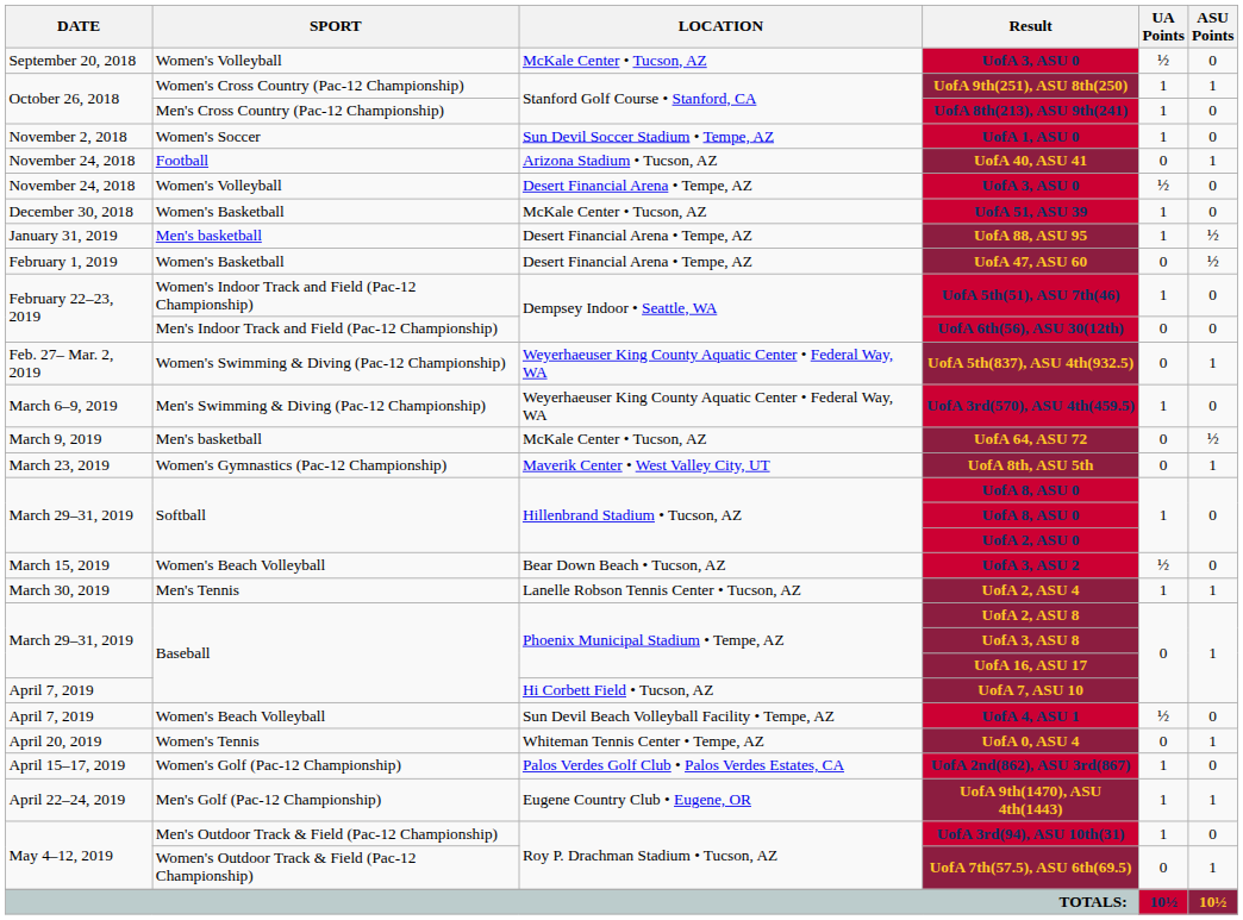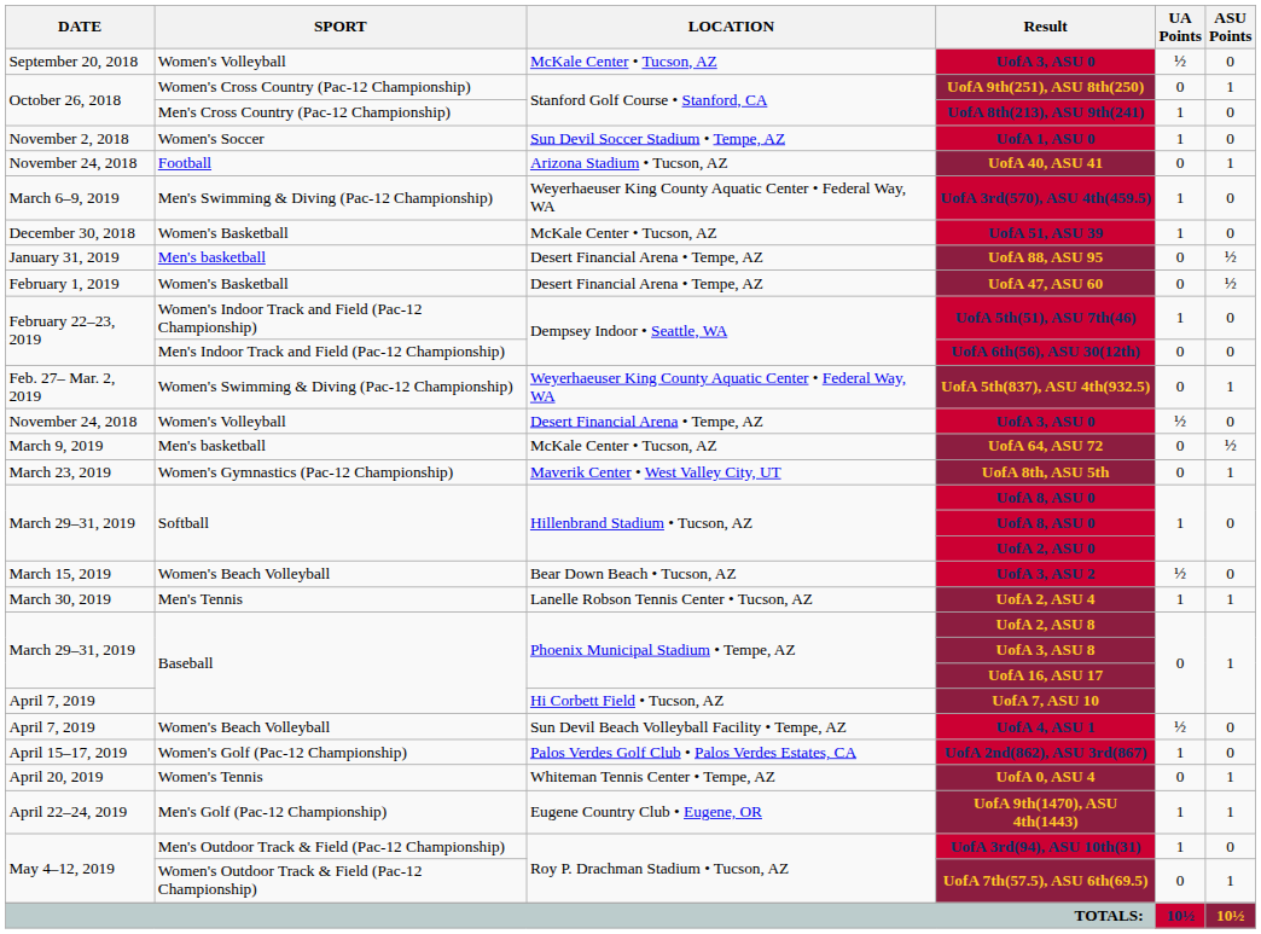 <table class=wikitable>
 <tr>
 <th>DATE</th>
 <th>SPORT</th>
 <th>LOCATION</th>
 <th>Result</th>
 <th>UA<br>Points</th>
 <th>ASU<br>Points</th>
 </tr>
 <tr>
 <td>September 20, 2018</td>
 <td>Women's Volleyball</td>
 <td><a href='#'>McKale Center</a> • <a href='#'>Tucson, AZ</a></td>
 <th style="background:#CC0033; color:#003366;">UofA 3, ASU 0</th>
 <td align="center">½</td>
 <td align="center">0</td>
 </tr>
 <tr>
 <td rowspan=2>October 26, 2018</td>
 <td>Women's Cross Country (Pac-12 Championship)</td>
 <td rowspan=2>Stanford Golf Course • <a href='#'>Stanford, CA</a></td>
 <th style="background:#8C1D40; color:#FFC627;">UofA 9th(251), ASU 8th(250)</th>
-<td align="center">1</td>
+<td align="center">0</td>
 <td align="center">1</td>
 </tr>
 <tr>
 <td>Men's Cross Country (Pac-12 Championship)</td>
 <th style="background:#CC0033; color:#003366;">UofA 8th(213), ASU 9th(241)</th>
 <td align="center">1</td>
 <td align="center">0</td>
 </tr>
 <tr>
 <td>November 2, 2018</td>
 <td>Women's Soccer</td>
 <td><a href='#'>Sun Devil Soccer Stadium</a> • <a href='#'>Tempe, AZ</a></td>
 <th style="background:#CC0033; color:#003366;">UofA 1, ASU 0</th>
 <td align="center">1</td>
 <td align="center">0</td>
 </tr>
 <tr>
 <td>November 24, 2018</td>
 <td><a href='#'>Football</a></td>
 <td><a href='#'>Arizona Stadium</a> • Tucson, AZ</td>
 <th style="background:#8C1D40; color:#FFC627;">UofA 40, ASU 41</th>
 <td align="center">0</td>
 <td align="center">1</td>
 </tr>
 <tr>
-<td>November 24, 2018</td>
-<td>Women's Volleyball</td>
-<td><a href='#'>Desert Financial Arena</a> • Tempe, AZ</td>
-<th style="background:#CC0033; color:#003366;">UofA 3, ASU 0</th>
-<td align="center">½</td>
+<td>March 6–9, 2019</td>
+<td>Men's Swimming & Diving (Pac-12 Championship)</td>
+<td>Weyerhaeuser King County Aquatic Center • Federal Way, WA</td>
+<th style="background:#CC0033; color:#003366;">UofA 3rd(570), ASU 4th(459.5)</th>
+<td align="center">1</td>
 <td align="center">0</td>
 </tr>
 <tr>
 <td>December 30, 2018</td>
 <td>Women's Basketball</td>
 <td>McKale Center • Tucson, AZ</td>
 <th style="background:#CC0033; color:#003366;">UofA 51, ASU 39</th>
 <td align="center">1</td>
 <td align="center">0</td>
 </tr>
 <tr>
 <td>January 31, 2019</td>
 <td><a href='#'>Men's basketball</a></td>
 <td>Desert Financial Arena • Tempe, AZ</td>
 <th style="background:#8C1D40; color:#FFC627;">UofA 88, ASU 95</th>
-<td align="center">1</td>
+<td align="center">0</td>
 <td align="center">½</td>
 </tr>
 <tr>
 <td>February 1, 2019</td>
 <td>Women's Basketball</td>
 <td>Desert Financial Arena • Tempe, AZ</td>
 <th style="background:#8C1D40; color:#FFC627;">UofA 47, ASU 60</th>
 <td align="center">0</td>
 <td align="center">½</td>
 </tr>
 <tr>
 <td rowspan=2>February 22–23, 2019</td>
 <td>Women's Indoor Track and Field (Pac-12 Championship)</td>
 <td rowspan=2>Dempsey Indoor • <a href='#'>Seattle, WA</a></td>
 <th style="background:#CC0033; color:#003366;">UofA 5th(51), ASU 7th(46)</th>
 <td align="center">1</td>
 <td align="center">0</td>
 </tr>
 <tr>
 <td>Men's Indoor Track and Field (Pac-12 Championship)</td>
 <th style="background:#CC0033; color:#003366;">UofA 6th(56), ASU 30(12th)</th>
 <td align="center">0</td>
 <td align="center">0</td>
 </tr>
 <tr>
 <td>Feb. 27– Mar. 2, 2019</td>
 <td>Women's Swimming & Diving (Pac-12 Championship)</td>
 <td><a href='#'>Weyerhaeuser King County Aquatic Center</a> • <a href='#'>Federal Way, WA</a></td>
 <th style="background:#8C1D40; color:#FFC627;">UofA 5th(837), ASU 4th(932.5)</th>
 <td align="center">0</td>
 <td align="center">1</td>
 </tr>
 <tr>
-<td>March 6–9, 2019</td>
-<td>Men's Swimming & Diving (Pac-12 Championship)</td>
-<td>Weyerhaeuser King County Aquatic Center • Federal Way, WA</td>
-<th style="background:#CC0033; color:#003366;">UofA 3rd(570), ASU 4th(459.5)</th>
-<td align="center">1</td>
+<td>November 24, 2018</td>
+<td>Women's Volleyball</td>
+<td><a href='#'>Desert Financial Arena</a> • Tempe, AZ</td>
+<th style="background:#CC0033; color:#003366;">UofA 3, ASU 0</th>
+<td align="center">½</td>
 <td align="center">0</td>
 </tr>
 <tr>
 <td>March 9, 2019</td>
 <td>Men's basketball</td>
 <td>McKale Center • Tucson, AZ</td>
 <th style="background:#8C1D40; color:#FFC627;">UofA 64, ASU 72</th>
 <td align="center">0</td>
 <td align="center">½</td>
 </tr>
 <tr>
 <td>March 23, 2019</td>
 <td>Women's Gymnastics (Pac-12 Championship)</td>
 <td><a href='#'>Maverik Center</a> • <a href='#'>West Valley City, UT</a></td>
 <th style="background:#8C1D40; color:#FFC627;">UofA 8th, ASU 5th</th>
 <td align="center">0</td>
 <td align="center">1</td>
 </tr>
 <tr>
 <td rowspan="3">March 29–31, 2019</td>
 <td rowspan="3">Softball</td>
 <td rowspan="3"><a href='#'>Hillenbrand Stadium</a> • Tucson, AZ</td>
 <th style="background:#CC0033; color:#003366;">UofA 8, ASU 0</th>
 <td rowspan="3" align="center">1</td>
 <td rowspan="3" align="center">0</td>
 </tr>
 <tr>
 <th style="background:#CC0033; color:#003366;">UofA 8, ASU 0</th>
 </tr>
 <tr>
 <th style="background:#CC0033; color:#003366;">UofA 2, ASU 0</th>
 </tr>
 <tr>
 <td>March 15, 2019</td>
 <td>Women's Beach Volleyball</td>
 <td>Bear Down Beach • Tucson, AZ</td>
 <th style="background:#CC0033; color:#003366;">UofA 3, ASU 2</th>
 <td align="center">½</td>
 <td align="center">0</td>
 </tr>
 <tr>
 <td>March 30, 2019</td>
 <td>Men's Tennis</td>
 <td>Lanelle Robson Tennis Center • Tucson, AZ</td>
 <th style="background:#8C1D40; color:#FFC627;">UofA 2, ASU 4</th>
 <td align="center">1</td>
 <td align="center">1</td>
 </tr>
 <tr>
 <td rowspan="3">March 29–31, 2019</td>
 <td rowspan=4>Baseball</td>
 <td rowspan="3"><a href='#'>Phoenix Municipal Stadium</a> • Tempe, AZ</td>
 <th style="background:#8C1D40; color:#FFC627;">UofA 2, ASU 8</th>
 <td rowspan="4" align="center">0</td>
 <td rowspan="4" align="center">1</td>
 </tr>
 <tr>
 <th style="background:#8C1D40; color:#FFC627;">UofA 3, ASU 8</th>
 </tr>
 <tr>
 <th style="background:#8C1D40; color:#FFC627;">UofA 16, ASU 17</th>
 </tr>
 <tr>
 <td>April 7, 2019</td>
 <td><a href='#'>Hi Corbett Field</a> • Tucson, AZ</td>
 <th style="background:#8C1D40; color:#FFC627;">UofA 7, ASU 10</th>
 </tr>
 <tr>
 <td>April 7, 2019</td>
 <td>Women's Beach Volleyball</td>
 <td>Sun Devil Beach Volleyball Facility • Tempe, AZ</td>
 <th style="background:#CC0033; color:#003366;">UofA 4, ASU 1</th>
 <td align="center">½</td>
 <td align="center">0</td>
 </tr>
 <tr>
+<td>April 15–17, 2019</td>
+<td>Women's Golf (Pac-12 Championship)</td>
+<td><a href='#'>Palos Verdes Golf Club</a> • <a href='#'>Palos Verdes Estates, CA</a></td>
+<th style="background:#CC0033; color:#003366;">UofA 2nd(862), ASU 3rd(867)</th>
+<td align="center">1</td>
+<td align="center">0</td>
+</tr>
+<tr>
 <td>April 20, 2019</td>
 <td>Women's Tennis</td>
 <td>Whiteman Tennis Center • Tempe, AZ</td>
 <th style="background:#8C1D40; color:#FFC627;">UofA 0, ASU 4</th>
 <td align="center">0</td>
 <td align="center">1</td>
-</tr>
-<tr>
-<td>April 15–17, 2019</td>
-<td>Women's Golf (Pac-12 Championship)</td>
-<td><a href='#'>Palos Verdes Golf Club</a> • <a href='#'>Palos Verdes Estates, CA</a></td>
-<th style="background:#CC0033; color:#003366;">UofA 2nd(862), ASU 3rd(867)</th>
-<td align="center">1</td>
-<td align="center">0</td>
 </tr>
 <tr>
 <td>April 22–24, 2019</td>
 <td>Men's Golf (Pac-12 Championship)</td>
 <td>Eugene Country Club • <a href='#'>Eugene, OR</a></td>
 <th style="background:#8C1D40; color:#FFC627;">UofA 9th(1470), ASU 4th(1443)</th>
 <td align="center">1</td>
 <td align="center">1</td>
 </tr>
 <tr>
 <td rowspan=2>May 4–12, 2019</td>
 <td>Men's Outdoor Track & Field (Pac-12 Championship)</td>
 <td rowspan=2>Roy P. Drachman Stadium • Tucson, AZ</td>
 <th style="background:#CC0033; color:#003366;">UofA 3rd(94), ASU 10th(31)</th>
 <td align="center">1</td>
 <td align="center">0</td>
 </tr>
 <tr>
 <td>Women's Outdoor Track & Field (Pac-12 Championship)</td>
 <th style="background:#8C1D40; color:#FFC627;">UofA 7th(57.5), ASU 6th(69.5)</th>
 <td align="center">0</td>
 <td align="center">1</td>
 </tr>
 <tr>
 </tr>
 <tr style="background:#bccccc;">
 <td colspan="4" style="text-align:right;"><strong>TOTALS:</strong>  </td>
 <th style="background:#CC0033; color:#003366;">10½</th>
 <th style="background:#8C1D40; color:#FFC627;">10½</th>
 </tr>
 </table>
